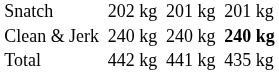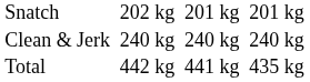 <table>
 <tr>
 <td>Snatch</td>
 <td></td>
 <td>202 kg</td>
 <td></td>
 <td>201 kg</td>
 <td></td>
 <td>201 kg</td>
 </tr>
 <tr>
 <td>Clean & Jerk</td>
 <td></td>
 <td>240 kg</td>
 <td></td>
 <td>240 kg</td>
 <td></td>
-<td><strong>240 kg</strong></td>
+<td>240 kg</td>
 </tr>
 <tr>
 <td>Total</td>
 <td></td>
 <td>442 kg</td>
 <td></td>
 <td>441 kg</td>
 <td></td>
 <td>435 kg</td>
 </tr>
 </table>
